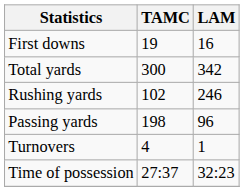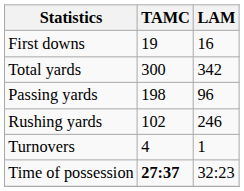 <table class="wikitable" style="float: left;">
 <tr>
 <th>Statistics</th>
 <th>TAMC</th>
 <th>LAM</th>
 </tr>
 <tr>
 <td>First downs</td>
 <td>19</td>
 <td>16</td>
 </tr>
 <tr>
 <td>Total yards</td>
 <td>300</td>
 <td>342</td>
 </tr>
 <tr>
+<td>Passing yards</td>
+<td>198</td>
+<td>96</td>
+</tr>
+<tr>
 <td>Rushing yards</td>
 <td>102</td>
 <td>246</td>
-</tr>
-<tr>
-<td>Passing yards</td>
-<td>198</td>
-<td>96</td>
 </tr>
 <tr>
 <td>Turnovers</td>
 <td>4</td>
 <td>1</td>
 </tr>
 <tr>
 <td>Time of possession</td>
-<td>27:37</td>
+<td><strong>27:37</strong></td>
 <td>32:23</td>
 </tr>
 <tr>
 </tr>
 </table>
